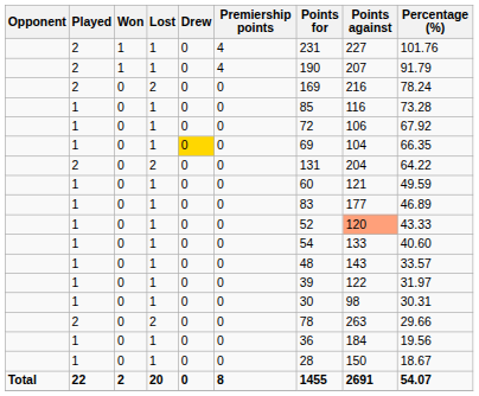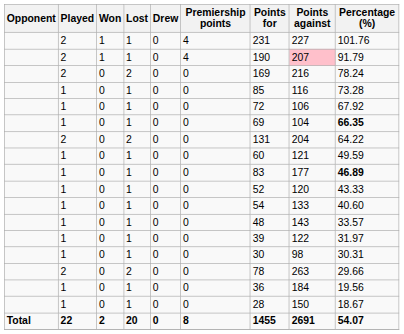 <table class="wikitable">
 <tr>
 <th>Opponent</th>
 <th>Played</th>
 <th>Won</th>
 <th>Lost</th>
 <th>Drew</th>
 <th>Premiership points</th>
 <th>Points for</th>
 <th>Points against</th>
 <th>Percentage (%)</th>
 </tr>
 <tr>
 <td></td>
 <td>2</td>
 <td>1</td>
 <td>1</td>
 <td>0</td>
 <td>4</td>
 <td>231</td>
 <td>227</td>
 <td>101.76</td>
 </tr>
 <tr>
 <td></td>
 <td>2</td>
 <td>1</td>
 <td>1</td>
 <td>0</td>
 <td>4</td>
 <td>190</td>
-<td>207</td>
+<td style="background: pink;">207</td>
 <td>91.79</td>
 </tr>
 <tr>
 <td></td>
 <td>2</td>
 <td>0</td>
 <td>2</td>
 <td>0</td>
 <td>0</td>
 <td>169</td>
 <td>216</td>
 <td>78.24</td>
 </tr>
 <tr>
 <td></td>
 <td>1</td>
 <td>0</td>
 <td>1</td>
 <td>0</td>
 <td>0</td>
 <td>85</td>
 <td>116</td>
 <td>73.28</td>
 </tr>
 <tr>
 <td></td>
 <td>1</td>
 <td>0</td>
 <td>1</td>
 <td>0</td>
 <td>0</td>
 <td>72</td>
 <td>106</td>
 <td>67.92</td>
 </tr>
 <tr>
 <td></td>
 <td>1</td>
 <td>0</td>
 <td>1</td>
-<td style="background: gold;">0</td>
+<td>0</td>
 <td>0</td>
 <td>69</td>
 <td>104</td>
-<td>66.35</td>
+<td><strong>66.35</strong></td>
 </tr>
 <tr>
 <td></td>
 <td>2</td>
 <td>0</td>
 <td>2</td>
 <td>0</td>
 <td>0</td>
 <td>131</td>
 <td>204</td>
 <td>64.22</td>
 </tr>
 <tr>
 <td></td>
 <td>1</td>
 <td>0</td>
 <td>1</td>
 <td>0</td>
 <td>0</td>
 <td>60</td>
 <td>121</td>
 <td>49.59</td>
 </tr>
 <tr>
 <td></td>
 <td>1</td>
 <td>0</td>
 <td>1</td>
 <td>0</td>
 <td>0</td>
 <td>83</td>
 <td>177</td>
-<td>46.89</td>
+<td><strong>46.89</strong></td>
 </tr>
 <tr>
 <td></td>
 <td>1</td>
 <td>0</td>
 <td>1</td>
 <td>0</td>
 <td>0</td>
 <td>52</td>
-<td style="background: lightsalmon;">120</td>
+<td>120</td>
 <td>43.33</td>
 </tr>
 <tr>
 <td></td>
 <td>1</td>
 <td>0</td>
 <td>1</td>
 <td>0</td>
 <td>0</td>
 <td>54</td>
 <td>133</td>
 <td>40.60</td>
 </tr>
 <tr>
 <td></td>
 <td>1</td>
 <td>0</td>
 <td>1</td>
 <td>0</td>
 <td>0</td>
 <td>48</td>
 <td>143</td>
 <td>33.57</td>
 </tr>
 <tr>
 <td></td>
 <td>1</td>
 <td>0</td>
 <td>1</td>
 <td>0</td>
 <td>0</td>
 <td>39</td>
 <td>122</td>
 <td>31.97</td>
 </tr>
 <tr>
 <td></td>
 <td>1</td>
 <td>0</td>
 <td>1</td>
 <td>0</td>
 <td>0</td>
 <td>30</td>
 <td>98</td>
 <td>30.31</td>
 </tr>
 <tr>
 <td></td>
 <td>2</td>
 <td>0</td>
 <td>2</td>
 <td>0</td>
 <td>0</td>
 <td>78</td>
 <td>263</td>
 <td>29.66</td>
 </tr>
 <tr>
 <td></td>
 <td>1</td>
 <td>0</td>
 <td>1</td>
 <td>0</td>
 <td>0</td>
 <td>36</td>
 <td>184</td>
 <td>19.56</td>
 </tr>
 <tr>
 <td></td>
 <td>1</td>
 <td>0</td>
 <td>1</td>
 <td>0</td>
 <td>0</td>
 <td>28</td>
 <td>150</td>
 <td>18.67</td>
 </tr>
 <tr>
 <td><strong>Total</strong></td>
 <td><strong>22</strong></td>
 <td><strong>2</strong></td>
 <td><strong>20</strong></td>
 <td><strong>0</strong></td>
 <td><strong>8</strong></td>
 <td><strong>1455</strong></td>
 <td><strong>2691</strong></td>
 <td><strong>54.07</strong></td>
 </tr>
 <tr>
 </tr>
 </table>
